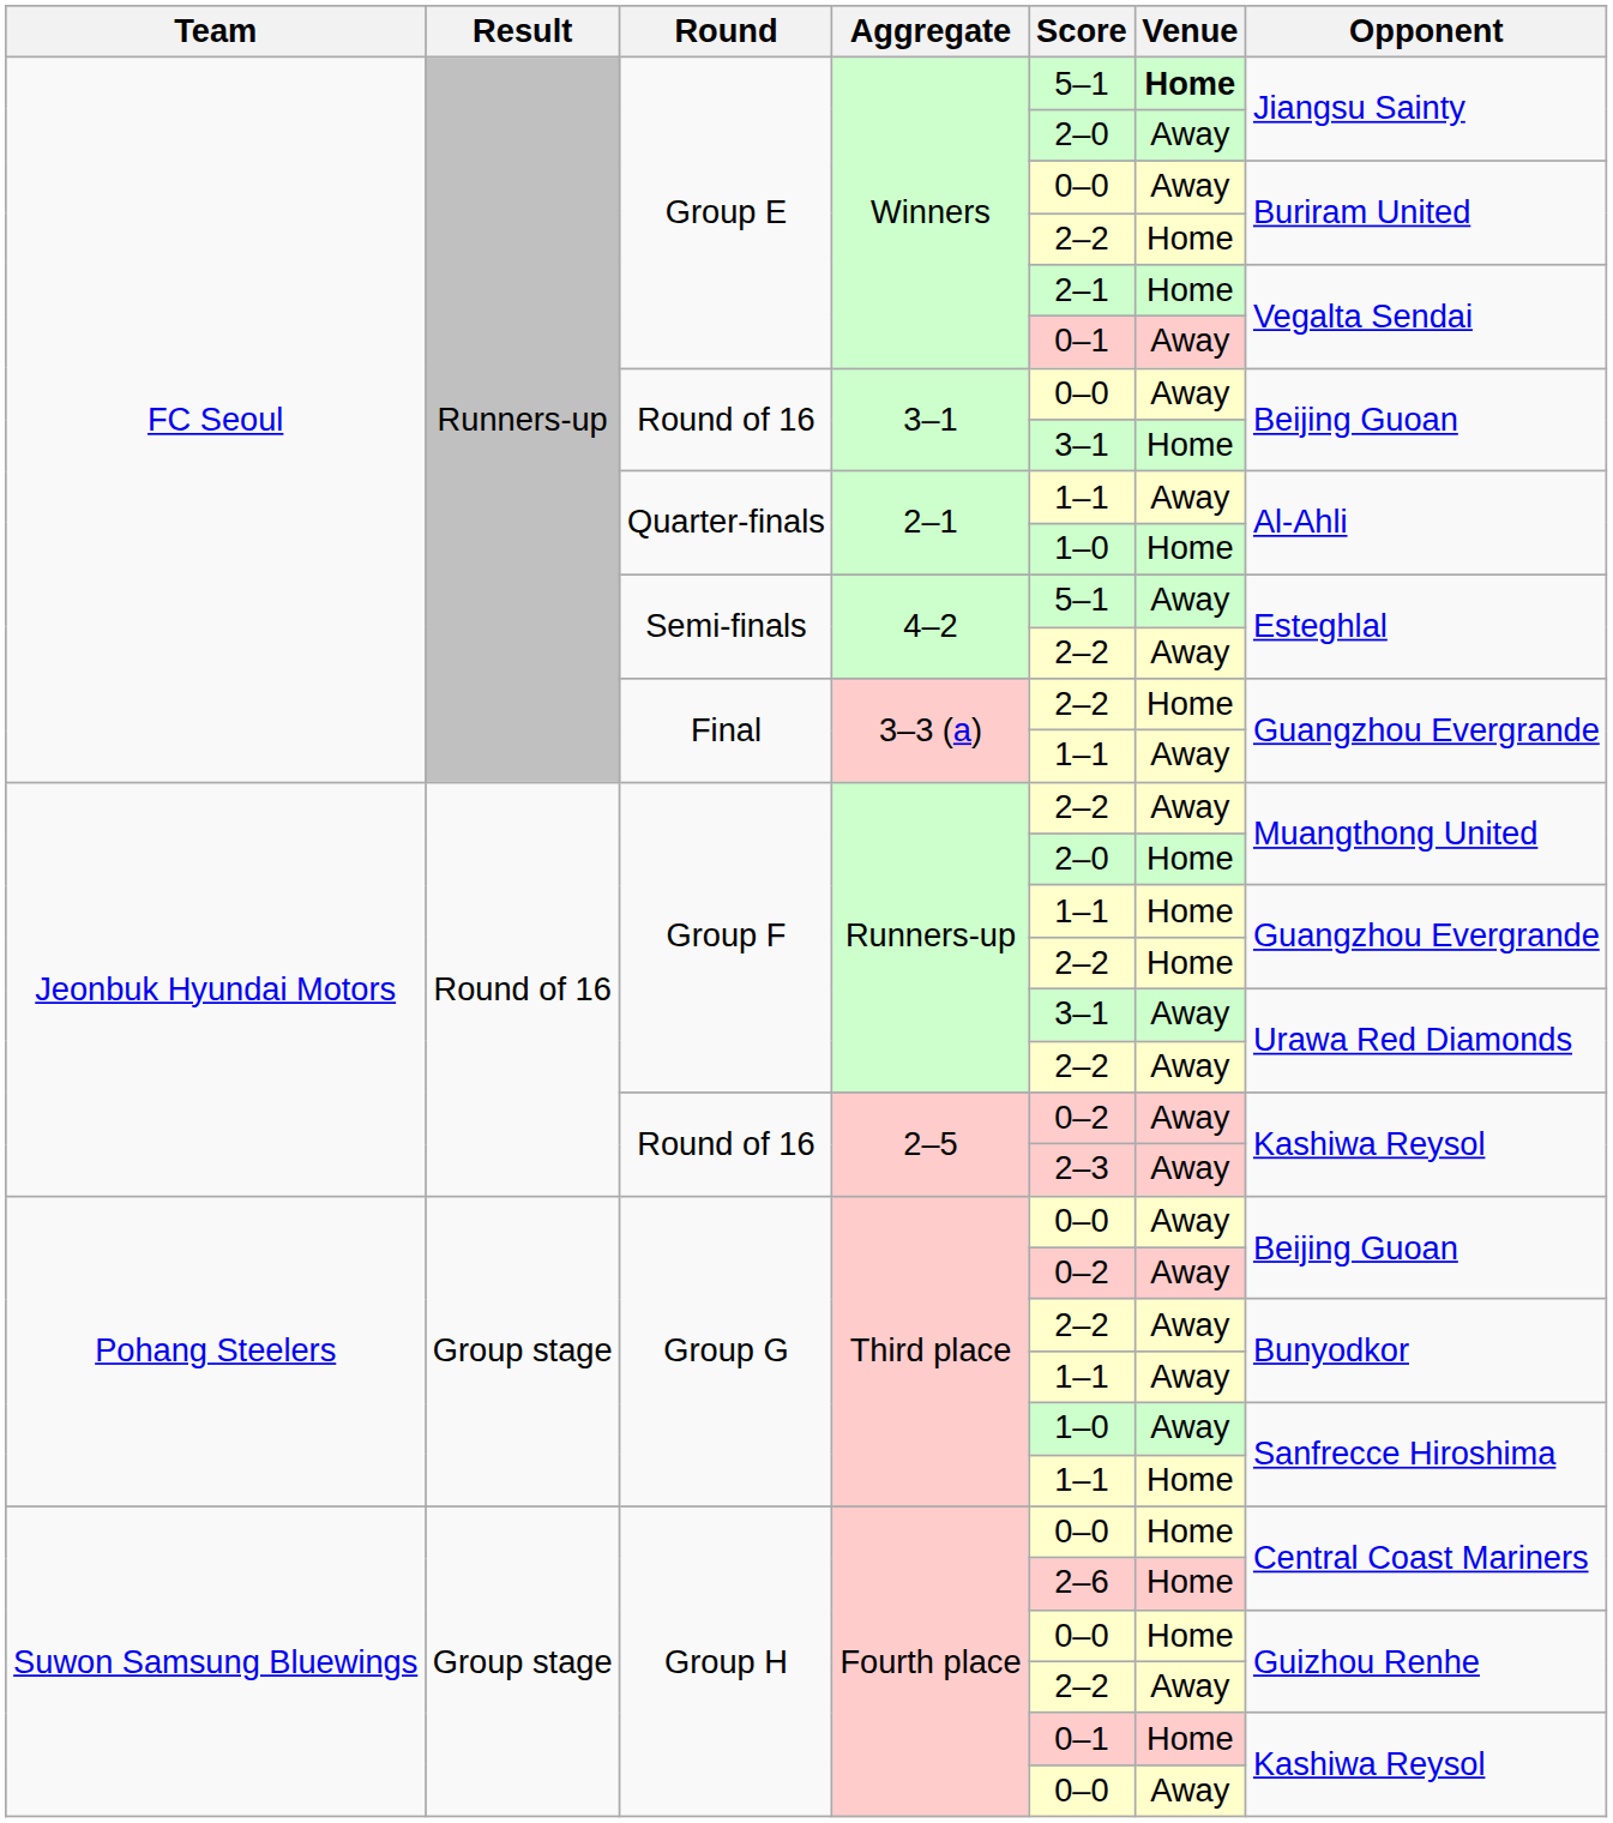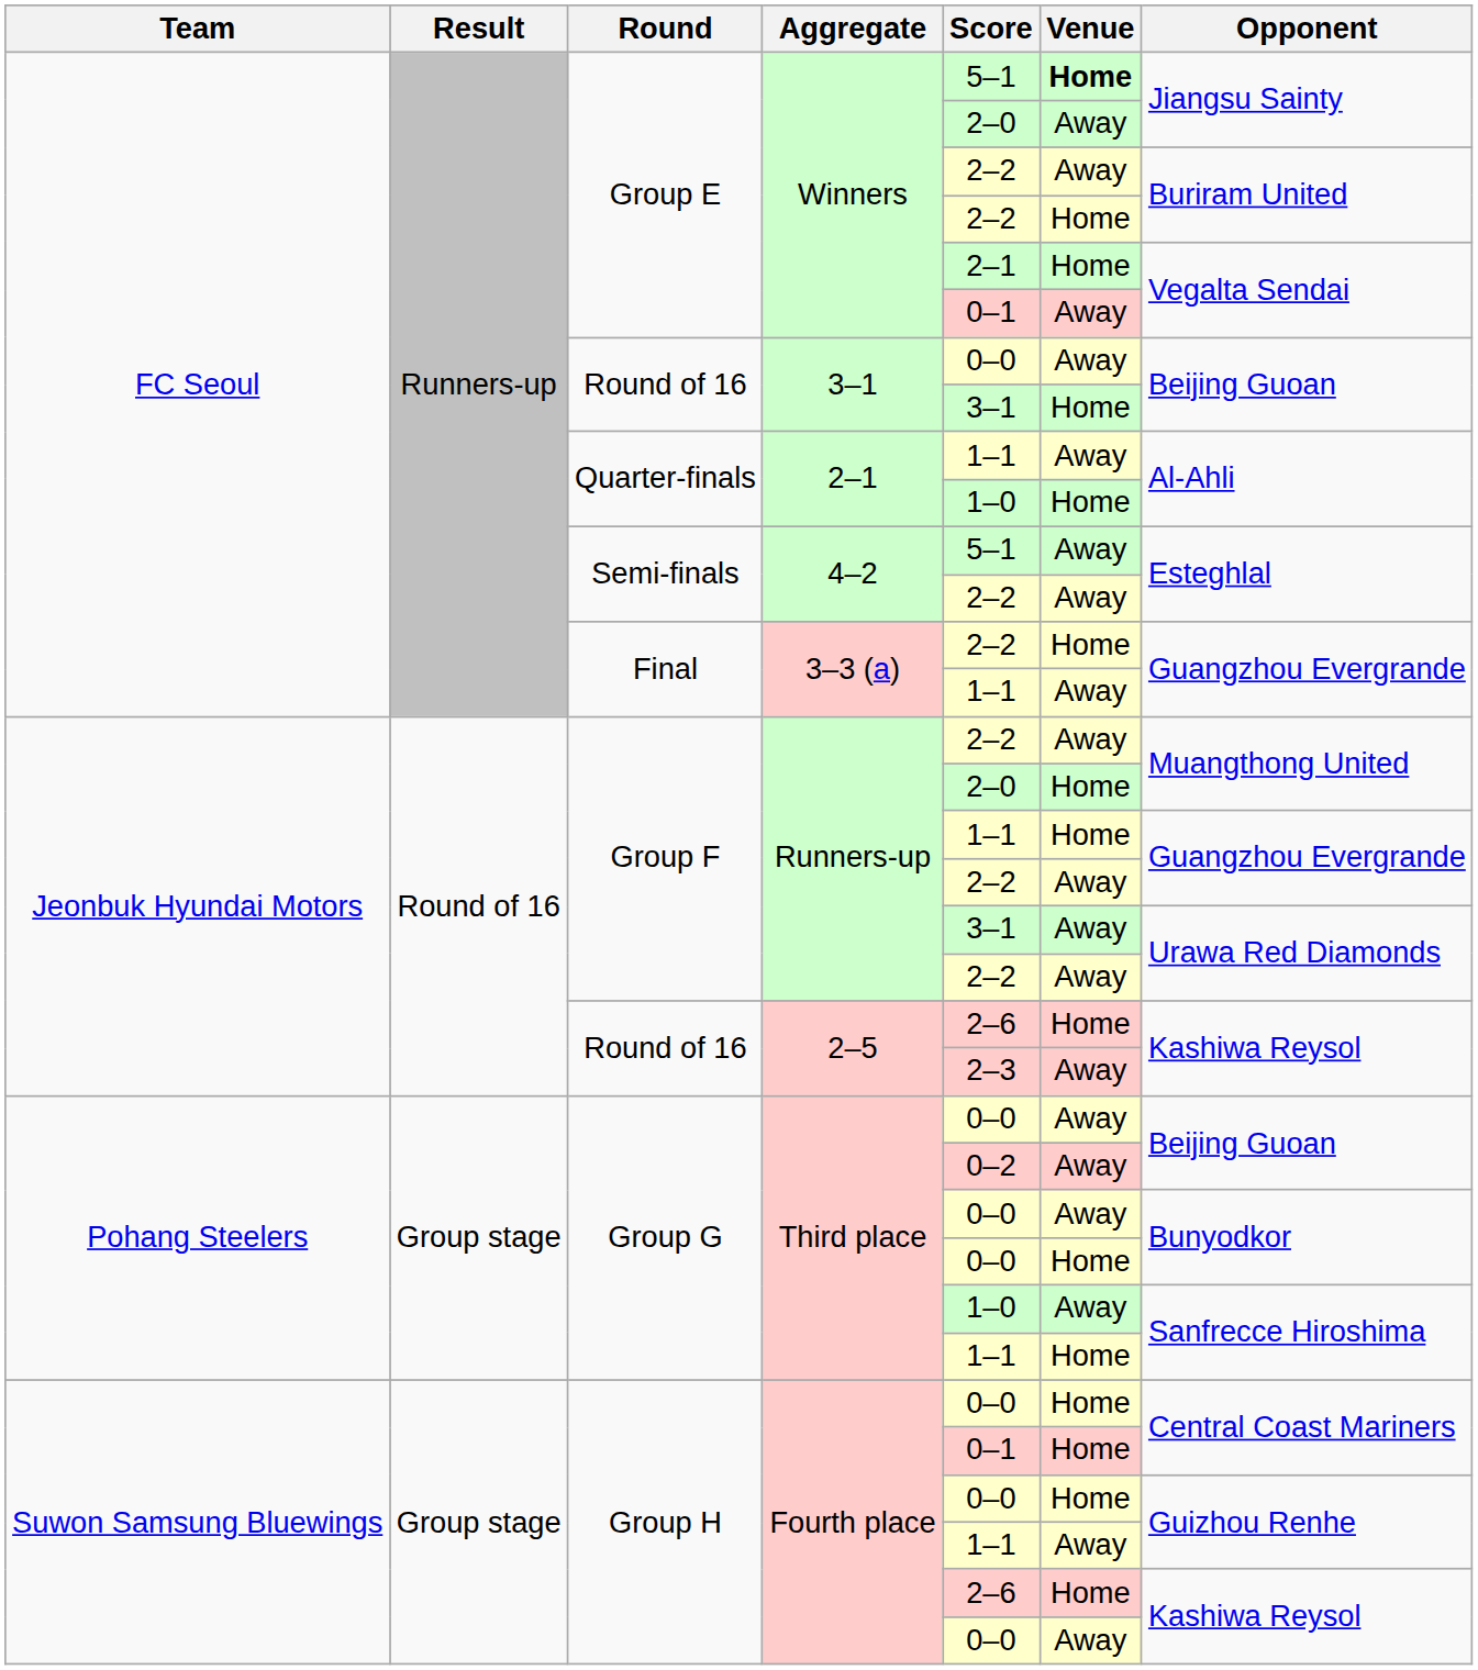 <table class="wikitable" style="text-align:center;">
 <tr>
 <th>Team</th>
 <th>Result</th>
 <th>Round</th>
 <th>Aggregate</th>
 <th>Score</th>
 <th>Venue</th>
 <th>Opponent</th>
 </tr>
 <tr>
 <td rowspan="14"><a href='#'>FC Seoul</a></td>
 <td rowspan="14" bgcolor="silver">Runners-up</td>
 <td rowspan="6">Group E</td>
 <td rowspan="6" bgcolor="#cfc">Winners</td>
 <td bgcolor="#cfc">5–1</td>
 <td bgcolor="#cfc"><strong>Home</strong></td>
 <td rowspan="2" align="left"> <a href='#'>Jiangsu Sainty</a></td>
 </tr>
 <tr>
 <td bgcolor="#cfc">2–0</td>
 <td bgcolor="#cfc">Away</td>
 </tr>
 <tr>
-<td bgcolor="#ffc">0–0</td>
+<td bgcolor="#ffc">2–2</td>
 <td bgcolor="#ffc">Away</td>
 <td rowspan="2" align="left"> <a href='#'>Buriram United</a></td>
 </tr>
 <tr>
 <td bgcolor="#ffc">2–2</td>
 <td bgcolor="#ffc">Home</td>
 </tr>
 <tr>
 <td bgcolor="#cfc">2–1</td>
 <td bgcolor="#cfc">Home</td>
 <td rowspan="2" align="left"> <a href='#'>Vegalta Sendai</a></td>
 </tr>
 <tr>
 <td bgcolor="#fcc">0–1</td>
 <td bgcolor="#fcc">Away</td>
 </tr>
 <tr>
 <td rowspan="2">Round of 16</td>
 <td rowspan="2" bgcolor="#cfc">3–1</td>
 <td bgcolor="#ffc">0–0</td>
 <td bgcolor="#ffc">Away</td>
 <td rowspan="2" align="left"> <a href='#'>Beijing Guoan</a></td>
 </tr>
 <tr>
 <td bgcolor="#cfc">3–1</td>
 <td bgcolor="#cfc">Home</td>
 </tr>
 <tr>
 <td rowspan="2">Quarter-finals</td>
 <td rowspan="2" bgcolor="#cfc">2–1</td>
 <td bgcolor="#ffc">1–1</td>
 <td bgcolor="#ffc">Away</td>
 <td rowspan="2" align="left"> <a href='#'>Al-Ahli</a></td>
 </tr>
 <tr>
 <td bgcolor="#cfc">1–0</td>
 <td bgcolor="#cfc">Home</td>
 </tr>
 <tr>
 <td rowspan="2">Semi-finals</td>
 <td rowspan="2" bgcolor="#cfc">4–2</td>
 <td bgcolor="#cfc">5–1</td>
 <td bgcolor="#cfc">Away</td>
 <td rowspan="2" align="left"> <a href='#'>Esteghlal</a></td>
 </tr>
 <tr>
 <td bgcolor="#ffc">2–2</td>
 <td bgcolor="#ffc">Away</td>
 </tr>
 <tr>
 <td rowspan="2">Final</td>
 <td rowspan="2" bgcolor="#fcc">3–3 (<a href='#'>a</a>)</td>
 <td bgcolor="#ffc">2–2</td>
 <td bgcolor="#ffc">Home</td>
 <td rowspan="2" align="left"> <a href='#'>Guangzhou Evergrande</a></td>
 </tr>
 <tr>
 <td bgcolor="#ffc">1–1</td>
 <td bgcolor="#ffc">Away</td>
 </tr>
 <tr>
 <td rowspan="8"><a href='#'>Jeonbuk Hyundai Motors</a></td>
 <td rowspan="8">Round of 16</td>
 <td rowspan="6">Group F</td>
 <td rowspan="6" bgcolor="#cfc">Runners-up</td>
 <td bgcolor="#ffc">2–2</td>
 <td bgcolor="#ffc">Away</td>
 <td rowspan="2" align="left"> <a href='#'>Muangthong United</a></td>
 </tr>
 <tr>
 <td bgcolor="#cfc">2–0</td>
 <td bgcolor="#cfc">Home</td>
 </tr>
 <tr>
 <td bgcolor="#ffc">1–1</td>
 <td bgcolor="#ffc">Home</td>
 <td rowspan="2" align="left"> <a href='#'>Guangzhou Evergrande</a></td>
 </tr>
 <tr>
 <td bgcolor="#ffc">2–2</td>
-<td bgcolor="#ffc">Home</td>
+<td bgcolor="#ffc">Away</td>
 </tr>
 <tr>
 <td bgcolor="#cfc">3–1</td>
 <td bgcolor="#cfc">Away</td>
 <td rowspan="2" align="left"> <a href='#'>Urawa Red Diamonds</a></td>
 </tr>
 <tr>
 <td bgcolor="#ffc">2–2</td>
 <td bgcolor="#ffc">Away</td>
 </tr>
 <tr>
 <td rowspan="2">Round of 16</td>
 <td rowspan="2" bgcolor="#fcc">2–5</td>
-<td bgcolor="#fcc">0–2</td>
-<td bgcolor="#fcc">Away</td>
+<td bgcolor="#fcc">2–6</td>
+<td bgcolor="#fcc">Home</td>
 <td rowspan="2" align="left"> <a href='#'>Kashiwa Reysol</a></td>
 </tr>
 <tr>
 <td bgcolor="#fcc">2–3</td>
 <td bgcolor="#fcc">Away</td>
 </tr>
 <tr>
 <td rowspan="6"><a href='#'>Pohang Steelers</a></td>
 <td rowspan="6">Group stage</td>
 <td rowspan="6">Group G</td>
 <td rowspan="6" bgcolor="#fcc">Third place</td>
 <td bgcolor="#ffc">0–0</td>
 <td bgcolor="#ffc">Away</td>
 <td rowspan="2" align="left"> <a href='#'>Beijing Guoan</a></td>
 </tr>
 <tr>
 <td bgcolor="#fcc">0–2</td>
 <td bgcolor="#fcc">Away</td>
 </tr>
 <tr>
-<td bgcolor="#ffc">2–2</td>
+<td bgcolor="#ffc">0–0</td>
 <td bgcolor="#ffc">Away</td>
 <td rowspan="2" align="left"> <a href='#'>Bunyodkor</a></td>
 </tr>
 <tr>
-<td bgcolor="#ffc">1–1</td>
-<td bgcolor="#ffc">Away</td>
+<td bgcolor="#ffc">0–0</td>
+<td bgcolor="#ffc">Home</td>
 </tr>
 <tr>
 <td bgcolor="#cfc">1–0</td>
 <td bgcolor="#cfc">Away</td>
 <td rowspan="2" align="left"> <a href='#'>Sanfrecce Hiroshima</a></td>
 </tr>
 <tr>
 <td bgcolor="#ffc">1–1</td>
 <td bgcolor="#ffc">Home</td>
 </tr>
 <tr>
 <td rowspan="6"><a href='#'>Suwon Samsung Bluewings</a></td>
 <td rowspan="6">Group stage</td>
 <td rowspan="6">Group H</td>
 <td rowspan="6" bgcolor="#fcc">Fourth place</td>
 <td bgcolor="#ffc">0–0</td>
 <td bgcolor="#ffc">Home</td>
 <td rowspan="2" align="left"> <a href='#'>Central Coast Mariners</a></td>
 </tr>
 <tr>
-<td bgcolor="#fcc">2–6</td>
+<td bgcolor="#fcc">0–1</td>
 <td bgcolor="#fcc">Home</td>
 </tr>
 <tr>
 <td bgcolor="#ffc">0–0</td>
 <td bgcolor="#ffc">Home</td>
 <td rowspan="2" align="left"> <a href='#'>Guizhou Renhe</a></td>
 </tr>
 <tr>
-<td bgcolor="#ffc">2–2</td>
+<td bgcolor="#ffc">1–1</td>
 <td bgcolor="#ffc">Away</td>
 </tr>
 <tr>
-<td bgcolor="#fcc">0–1</td>
+<td bgcolor="#fcc">2–6</td>
 <td bgcolor="#fcc">Home</td>
 <td rowspan="2" align="left"> <a href='#'>Kashiwa Reysol</a></td>
 </tr>
 <tr>
 <td bgcolor="#ffc">0–0</td>
 <td bgcolor="#ffc">Away</td>
 </tr>
 </table>
